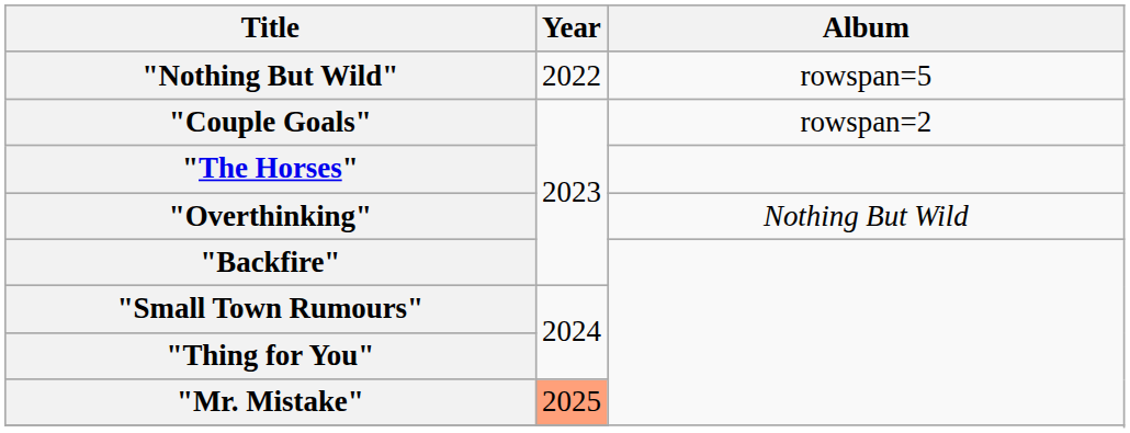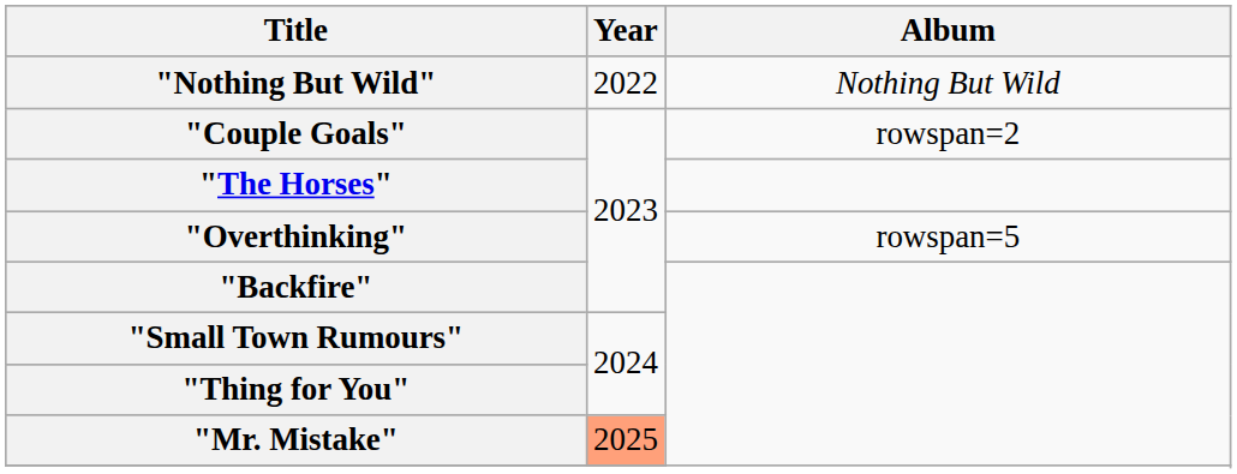 <table class="wikitable plainrowheaders" style="text-align:center;">
 <tr>
 <th rowspan="1" style="width:20em;">Title</th>
 <th rowspan="1" style="width:1em;">Year</th>
 <th rowspan="1" style="width:20em;">Album</th>
 </tr>
 <tr>
 <th scope="row">"Nothing But Wild"</th>
 <td>2022</td>
-<td>rowspan=5 </td>
+<td><em>Nothing But Wild</em></td>
 </tr>
 <tr>
 <th scope="row">"Couple Goals"</th>
 <td rowspan=4>2023</td>
 <td>rowspan=2 </td>
 </tr>
 <tr>
 <th scope="row">"<a href='#'>The Horses</a>"<br> </th>
 </tr>
 <tr>
 <th scope="row">"Overthinking"</th>
-<td><em>Nothing But Wild</em></td>
+<td>rowspan=5 </td>
 </tr>
 <tr>
 <th scope="row">"Backfire"</th>
 </tr>
 <tr>
 <th scope="row">"Small Town Rumours"</th>
 <td rowspan=2>2024</td>
 </tr>
 <tr>
 <th scope="row">"Thing for You"</th>
 </tr>
 <tr>
 <th scope="row">"Mr. Mistake"</th>
 <td rowspan=1 style="background: lightsalmon;">2025</td>
 </tr>
 <tr>
 </tr>
 </table>
